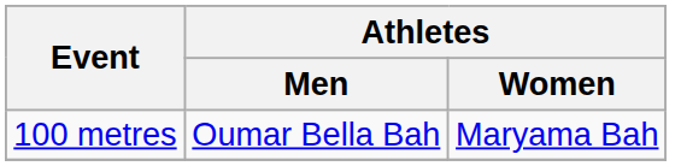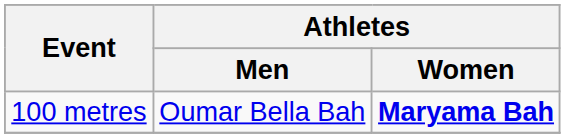 <table class=wikitable style="font-size:90%">
 <tr>
 <th rowspan=2>Event</th>
 <th colspan=2>Athletes</th>
 </tr>
 <tr>
 <th>Men</th>
 <th>Women</th>
 </tr>
 <tr>
 <td><a href='#'>100 metres</a></td>
 <td><a href='#'>Oumar Bella Bah</a></td>
-<td><a href='#'>Maryama Bah</a></td>
+<td><strong><a href='#'>Maryama Bah</a></strong></td>
 </tr>
 <tr>
 </tr>
 </table>
